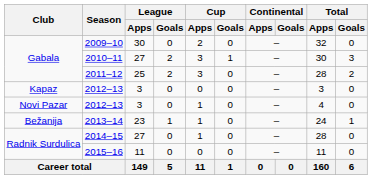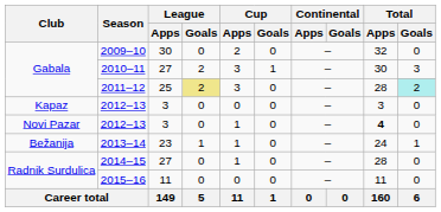 <table class="wikitable" style="text-align:center">
 <tr>
 <th rowspan="2">Club</th>
 <th rowspan="2">Season</th>
 <th colspan="2">League</th>
 <th colspan="2">Cup</th>
 <th colspan="2">Continental</th>
 <th colspan="2">Total</th>
 </tr>
 <tr>
 <th>Apps</th>
 <th>Goals</th>
 <th>Apps</th>
 <th>Goals</th>
 <th>Apps</th>
 <th>Goals</th>
 <th>Apps</th>
 <th>Goals</th>
 </tr>
 <tr>
 <td rowspan="3"><a href='#'>Gabala</a></td>
 <td><a href='#'>2009–10</a></td>
 <td>30</td>
 <td>0</td>
 <td>2</td>
 <td>0</td>
 <td colspan="2">–</td>
 <td>32</td>
 <td>0</td>
 </tr>
 <tr>
 <td><a href='#'>2010–11</a></td>
 <td>27</td>
 <td>2</td>
 <td>3</td>
 <td>1</td>
 <td colspan="2">–</td>
 <td>30</td>
 <td>3</td>
 </tr>
 <tr>
 <td><a href='#'>2011–12</a></td>
 <td>25</td>
-<td>2</td>
+<td style="background: khaki;">2</td>
 <td>3</td>
 <td>0</td>
 <td colspan="2">–</td>
 <td>28</td>
-<td>2</td>
+<td style="background: paleturquoise;">2</td>
 </tr>
 <tr>
 <td rowspan="1"><a href='#'>Kapaz</a></td>
 <td><a href='#'>2012–13</a></td>
 <td>3</td>
 <td>0</td>
 <td>0</td>
 <td>0</td>
 <td colspan="2">–</td>
 <td>3</td>
 <td>0</td>
 </tr>
 <tr>
 <td rowspan="1"><a href='#'>Novi Pazar</a></td>
 <td><a href='#'>2012–13</a></td>
 <td>3</td>
 <td>0</td>
 <td>1</td>
 <td>0</td>
 <td colspan="2">–</td>
-<td>4</td>
+<td><strong>4</strong></td>
 <td>0</td>
 </tr>
 <tr>
 <td rowspan="1"><a href='#'>Bežanija</a></td>
 <td><a href='#'>2013–14</a></td>
 <td>23</td>
 <td>1</td>
 <td>1</td>
 <td>0</td>
 <td colspan="2">–</td>
 <td>24</td>
 <td>1</td>
 </tr>
 <tr>
 <td rowspan="2"><a href='#'>Radnik Surdulica</a></td>
 <td><a href='#'>2014–15</a></td>
 <td>27</td>
 <td>0</td>
 <td>1</td>
 <td>0</td>
 <td colspan="2">–</td>
 <td>28</td>
 <td>0</td>
 </tr>
 <tr>
 <td><a href='#'>2015–16</a></td>
 <td>11</td>
 <td>0</td>
 <td>0</td>
 <td>0</td>
 <td colspan="2">–</td>
 <td>11</td>
 <td>0</td>
 </tr>
 <tr>
 <th colspan="2">Career total</th>
 <th>149</th>
 <th>5</th>
 <th>11</th>
 <th>1</th>
 <th>0</th>
 <th>0</th>
 <th>160</th>
 <th>6</th>
 </tr>
 </table>
